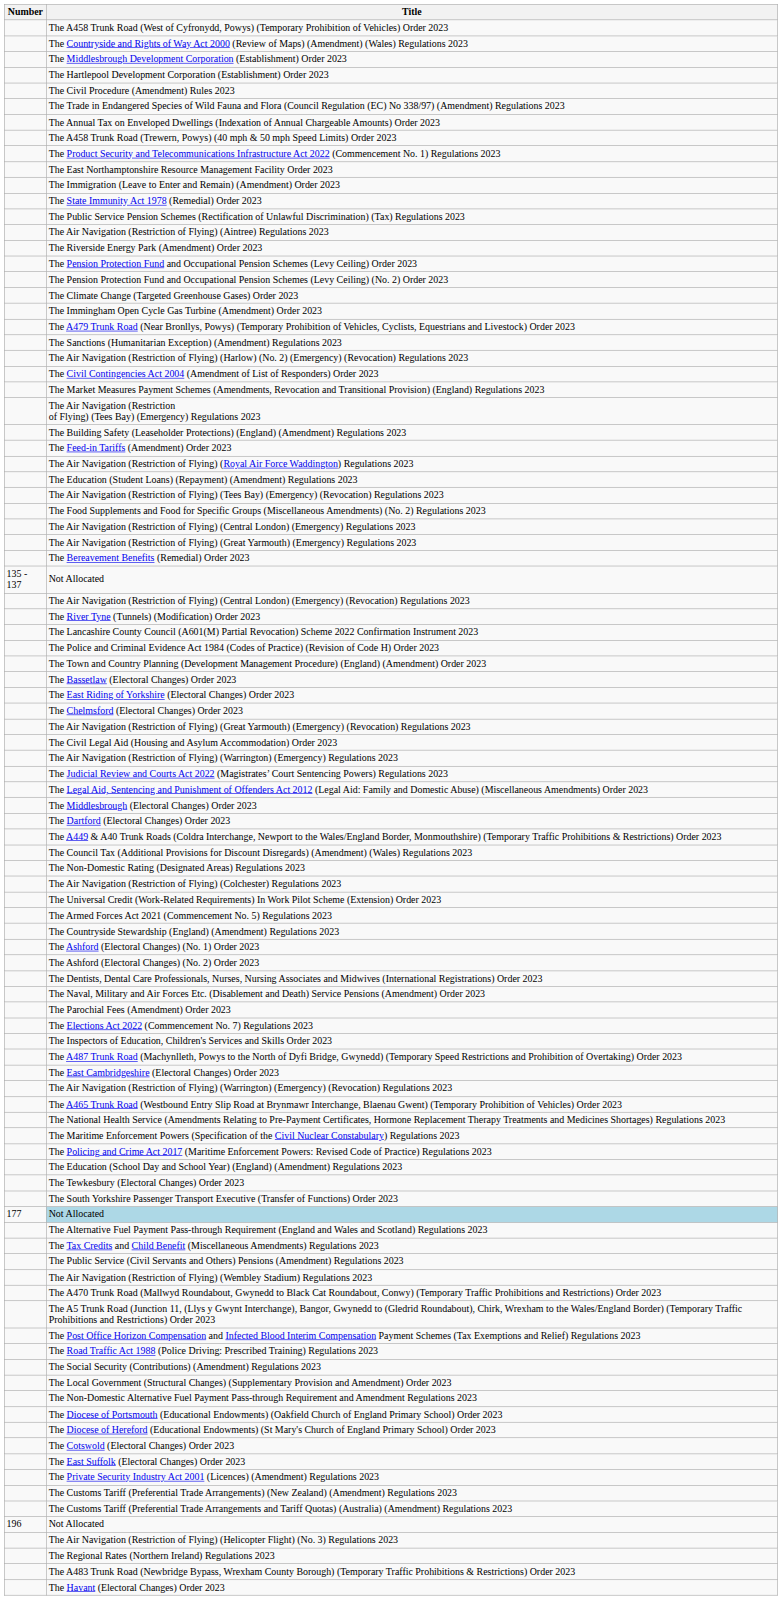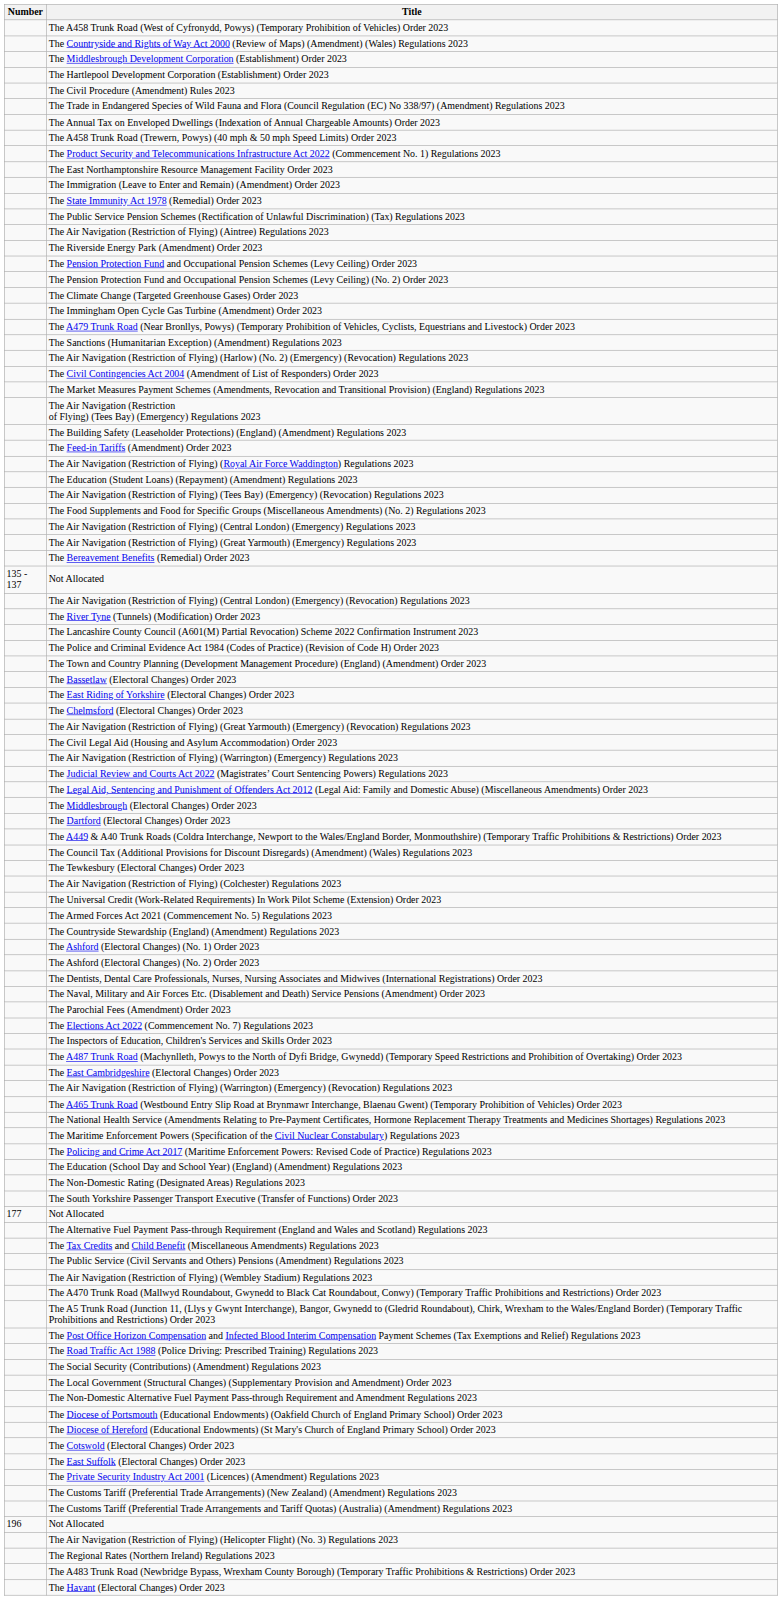 <table class="wikitable collapsible">
 <tr>
 <th>Number</th>
 <th>Title</th>
 </tr>
 <tr>
 <td></td>
 <td>The A458 Trunk Road (West of Cyfronydd, Powys) (Temporary Prohibition of Vehicles) Order 2023</td>
 </tr>
 <tr>
 <td></td>
 <td>The <a href='#'>Countryside and Rights of Way Act 2000</a> (Review of Maps) (Amendment) (Wales) Regulations 2023</td>
 </tr>
 <tr>
 <td></td>
 <td>The <a href='#'>Middlesbrough Development Corporation</a> (Establishment) Order 2023</td>
 </tr>
 <tr>
 <td></td>
 <td>The Hartlepool Development Corporation (Establishment) Order 2023</td>
 </tr>
 <tr>
 <td></td>
 <td>The Civil Procedure (Amendment) Rules 2023</td>
 </tr>
 <tr>
 <td></td>
 <td>The Trade in Endangered Species of Wild Fauna and Flora (Council Regulation (EC) No 338/97) (Amendment) Regulations 2023</td>
 </tr>
 <tr>
 <td></td>
 <td>The Annual Tax on Enveloped Dwellings (Indexation of Annual Chargeable Amounts) Order 2023</td>
 </tr>
 <tr>
 <td></td>
 <td>The A458 Trunk Road (Trewern, Powys) (40 mph & 50 mph Speed Limits) Order 2023</td>
 </tr>
 <tr>
 <td></td>
 <td>The <a href='#'>Product Security and Telecommunications Infrastructure Act 2022</a> (Commencement No. 1) Regulations 2023</td>
 </tr>
 <tr>
 <td></td>
 <td>The East Northamptonshire Resource Management Facility Order 2023</td>
 </tr>
 <tr>
 <td></td>
 <td>The Immigration (Leave to Enter and Remain) (Amendment) Order 2023</td>
 </tr>
 <tr>
 <td></td>
 <td>The <a href='#'>State Immunity Act 1978</a> (Remedial) Order 2023</td>
 </tr>
 <tr>
 <td></td>
 <td>The Public Service Pension Schemes (Rectification of Unlawful Discrimination) (Tax) Regulations 2023</td>
 </tr>
 <tr>
 <td></td>
 <td>The Air Navigation (Restriction of Flying) (Aintree) Regulations 2023</td>
 </tr>
 <tr>
 <td></td>
 <td>The Riverside Energy Park (Amendment) Order 2023</td>
 </tr>
 <tr>
 <td></td>
 <td>The <a href='#'>Pension Protection Fund</a> and Occupational Pension Schemes (Levy Ceiling) Order 2023</td>
 </tr>
 <tr>
 <td></td>
 <td>The Pension Protection Fund and Occupational Pension Schemes (Levy Ceiling) (No. 2) Order 2023</td>
 </tr>
 <tr>
 <td></td>
 <td>The Climate Change (Targeted Greenhouse Gases) Order 2023</td>
 </tr>
 <tr>
 <td></td>
 <td>The Immingham Open Cycle Gas Turbine (Amendment) Order 2023</td>
 </tr>
 <tr>
 <td></td>
 <td>The <a href='#'>A479 Trunk Road</a> (Near Bronllys, Powys) (Temporary Prohibition of Vehicles, Cyclists, Equestrians and Livestock) Order 2023</td>
 </tr>
 <tr>
 <td></td>
 <td>The Sanctions (Humanitarian Exception) (Amendment) Regulations 2023</td>
 </tr>
 <tr>
 <td></td>
 <td>The Air Navigation (Restriction of Flying) (Harlow) (No. 2) (Emergency) (Revocation) Regulations 2023</td>
 </tr>
 <tr>
 <td></td>
 <td>The <a href='#'>Civil Contingencies Act 2004</a> (Amendment of List of Responders) Order 2023</td>
 </tr>
 <tr>
 <td></td>
 <td>The Market Measures Payment Schemes (Amendments, Revocation and Transitional Provision) (England) Regulations 2023</td>
 </tr>
 <tr>
 <td></td>
 <td>The Air Navigation (Restriction<br>of Flying) (Tees Bay) (Emergency) Regulations 2023</td>
 </tr>
 <tr>
 <td></td>
 <td>The Building Safety (Leaseholder Protections) (England) (Amendment) Regulations 2023</td>
 </tr>
 <tr>
 <td></td>
 <td>The <a href='#'>Feed-in Tariffs</a> (Amendment) Order 2023</td>
 </tr>
 <tr>
 <td></td>
 <td>The Air Navigation (Restriction of Flying) (<a href='#'>Royal Air Force Waddington</a>) Regulations 2023</td>
 </tr>
 <tr>
 <td></td>
 <td>The Education (Student Loans) (Repayment) (Amendment) Regulations 2023</td>
 </tr>
 <tr>
 <td></td>
 <td>The Air Navigation (Restriction of Flying) (Tees Bay) (Emergency) (Revocation) Regulations 2023</td>
 </tr>
 <tr>
 <td></td>
 <td>The Food Supplements and Food for Specific Groups (Miscellaneous Amendments) (No. 2) Regulations 2023</td>
 </tr>
 <tr>
 <td></td>
 <td>The Air Navigation (Restriction of Flying) (Central London) (Emergency) Regulations 2023</td>
 </tr>
 <tr>
 <td></td>
 <td>The Air Navigation (Restriction of Flying) (Great Yarmouth) (Emergency) Regulations 2023</td>
 </tr>
 <tr>
 <td></td>
 <td>The <a href='#'>Bereavement Benefits</a> (Remedial) Order 2023</td>
 </tr>
 <tr>
 <td>135 - 137</td>
 <td>Not Allocated</td>
 </tr>
 <tr>
 <td></td>
 <td>The Air Navigation (Restriction of Flying) (Central London) (Emergency) (Revocation) Regulations 2023</td>
 </tr>
 <tr>
 <td></td>
 <td>The <a href='#'>River Tyne</a> (Tunnels) (Modification) Order 2023</td>
 </tr>
 <tr>
 <td></td>
 <td>The Lancashire County Council (A601(M) Partial Revocation) Scheme 2022 Confirmation Instrument 2023</td>
 </tr>
 <tr>
 <td></td>
 <td>The Police and Criminal Evidence Act 1984 (Codes of Practice) (Revision of Code H) Order 2023</td>
 </tr>
 <tr>
 <td></td>
 <td>The Town and Country Planning (Development Management Procedure) (England) (Amendment) Order 2023</td>
 </tr>
 <tr>
 <td></td>
 <td>The <a href='#'>Bassetlaw</a> (Electoral Changes) Order 2023</td>
 </tr>
 <tr>
 <td></td>
 <td>The <a href='#'>East Riding of Yorkshire</a> (Electoral Changes) Order 2023</td>
 </tr>
 <tr>
 <td></td>
 <td>The <a href='#'>Chelmsford</a> (Electoral Changes) Order 2023</td>
 </tr>
 <tr>
 <td></td>
 <td>The Air Navigation (Restriction of Flying) (Great Yarmouth) (Emergency) (Revocation) Regulations 2023</td>
 </tr>
 <tr>
 <td></td>
 <td>The Civil Legal Aid (Housing and Asylum Accommodation) Order 2023</td>
 </tr>
 <tr>
 <td></td>
 <td>The Air Navigation (Restriction of Flying) (Warrington) (Emergency) Regulations 2023</td>
 </tr>
 <tr>
 <td></td>
 <td>The <a href='#'>Judicial Review and Courts Act 2022</a> (Magistrates’ Court Sentencing Powers) Regulations 2023</td>
 </tr>
 <tr>
 <td></td>
 <td>The <a href='#'>Legal Aid, Sentencing and Punishment of Offenders Act 2012</a> (Legal Aid: Family and Domestic Abuse) (Miscellaneous Amendments) Order 2023</td>
 </tr>
 <tr>
 <td></td>
 <td>The <a href='#'>Middlesbrough</a> (Electoral Changes) Order 2023</td>
 </tr>
 <tr>
 <td></td>
 <td>The <a href='#'>Dartford</a> (Electoral Changes) Order 2023</td>
 </tr>
 <tr>
 <td></td>
 <td>The <a href='#'>A449</a> & A40 Trunk Roads (Coldra Interchange, Newport to the Wales/England Border, Monmouthshire) (Temporary Traffic Prohibitions & Restrictions) Order 2023</td>
 </tr>
 <tr>
 <td></td>
 <td>The Council Tax (Additional Provisions for Discount Disregards) (Amendment) (Wales) Regulations 2023</td>
 </tr>
 <tr>
 <td></td>
-<td>The Non-Domestic Rating (Designated Areas) Regulations 2023</td>
+<td>The Tewkesbury (Electoral Changes) Order 2023</td>
 </tr>
 <tr>
 <td></td>
 <td>The Air Navigation (Restriction of Flying) (Colchester) Regulations 2023</td>
 </tr>
 <tr>
 <td></td>
 <td>The Universal Credit (Work-Related Requirements) In Work Pilot Scheme (Extension) Order 2023</td>
 </tr>
 <tr>
 <td></td>
 <td>The Armed Forces Act 2021 (Commencement No. 5) Regulations 2023</td>
 </tr>
 <tr>
 <td></td>
 <td>The Countryside Stewardship (England) (Amendment) Regulations 2023</td>
 </tr>
 <tr>
 <td></td>
 <td>The <a href='#'>Ashford</a> (Electoral Changes) (No. 1) Order 2023</td>
 </tr>
 <tr>
 <td></td>
 <td>The Ashford (Electoral Changes) (No. 2) Order 2023</td>
 </tr>
 <tr>
 <td></td>
 <td>The Dentists, Dental Care Professionals, Nurses, Nursing Associates and Midwives (International Registrations) Order 2023</td>
 </tr>
 <tr>
 <td></td>
 <td>The Naval, Military and Air Forces Etc. (Disablement and Death) Service Pensions (Amendment) Order 2023</td>
 </tr>
 <tr>
 <td></td>
 <td>The Parochial Fees (Amendment) Order 2023</td>
 </tr>
 <tr>
 <td></td>
 <td>The <a href='#'>Elections Act 2022</a> (Commencement No. 7) Regulations 2023</td>
 </tr>
 <tr>
 <td></td>
 <td>The Inspectors of Education, Children's Services and Skills Order 2023</td>
 </tr>
 <tr>
 <td></td>
 <td>The <a href='#'>A487 Trunk Road</a> (Machynlleth, Powys to the North of Dyfi Bridge, Gwynedd) (Temporary Speed Restrictions and Prohibition of Overtaking) Order 2023</td>
 </tr>
 <tr>
 <td></td>
 <td>The <a href='#'>East Cambridgeshire</a> (Electoral Changes) Order 2023</td>
 </tr>
 <tr>
 <td></td>
 <td>The Air Navigation (Restriction of Flying) (Warrington) (Emergency) (Revocation) Regulations 2023</td>
 </tr>
 <tr>
 <td></td>
 <td>The <a href='#'>A465 Trunk Road</a> (Westbound Entry Slip Road at Brynmawr Interchange, Blaenau Gwent) (Temporary Prohibition of Vehicles) Order 2023</td>
 </tr>
 <tr>
 <td></td>
 <td>The National Health Service (Amendments Relating to Pre-Payment Certificates, Hormone Replacement Therapy Treatments and Medicines Shortages) Regulations 2023</td>
 </tr>
 <tr>
 <td></td>
 <td>The Maritime Enforcement Powers (Specification of the <a href='#'>Civil Nuclear Constabulary</a>) Regulations 2023</td>
 </tr>
 <tr>
 <td></td>
 <td>The <a href='#'>Policing and Crime Act 2017</a> (Maritime Enforcement Powers: Revised Code of Practice) Regulations 2023</td>
 </tr>
 <tr>
 <td></td>
 <td>The Education (School Day and School Year) (England) (Amendment) Regulations 2023</td>
 </tr>
 <tr>
 <td></td>
-<td>The Tewkesbury (Electoral Changes) Order 2023</td>
+<td>The Non-Domestic Rating (Designated Areas) Regulations 2023</td>
 </tr>
 <tr>
 <td></td>
 <td>The South Yorkshire Passenger Transport Executive (Transfer of Functions) Order 2023</td>
 </tr>
 <tr>
 <td>177</td>
-<td style="background: lightblue;">Not Allocated</td>
+<td>Not Allocated</td>
 </tr>
 <tr>
 <td></td>
 <td>The Alternative Fuel Payment Pass-through Requirement (England and Wales and Scotland) Regulations 2023</td>
 </tr>
 <tr>
 <td></td>
 <td>The <a href='#'>Tax Credits</a> and <a href='#'>Child Benefit</a> (Miscellaneous Amendments) Regulations 2023</td>
 </tr>
 <tr>
 <td></td>
 <td>The Public Service (Civil Servants and Others) Pensions (Amendment) Regulations 2023</td>
 </tr>
 <tr>
 <td></td>
 <td>The Air Navigation (Restriction of Flying) (Wembley Stadium) Regulations 2023</td>
 </tr>
 <tr>
 <td></td>
 <td>The A470 Trunk Road (Mallwyd Roundabout, Gwynedd to Black Cat Roundabout, Conwy) (Temporary Traffic Prohibitions and Restrictions) Order 2023</td>
 </tr>
 <tr>
 <td></td>
 <td>The A5 Trunk Road (Junction 11, (Llys y Gwynt Interchange), Bangor, Gwynedd to (Gledrid Roundabout), Chirk, Wrexham to the Wales/England Border) (Temporary Traffic Prohibitions and Restrictions) Order 2023</td>
 </tr>
 <tr>
 <td></td>
 <td>The <a href='#'>Post Office Horizon Compensation</a> and <a href='#'>Infected Blood Interim Compensation</a> Payment Schemes (Tax Exemptions and Relief) Regulations 2023</td>
 </tr>
 <tr>
 <td></td>
 <td>The <a href='#'>Road Traffic Act 1988</a> (Police Driving: Prescribed Training) Regulations 2023</td>
 </tr>
 <tr>
 <td></td>
 <td>The Social Security (Contributions) (Amendment) Regulations 2023</td>
 </tr>
 <tr>
 <td></td>
 <td>The Local Government (Structural Changes) (Supplementary Provision and Amendment) Order 2023</td>
 </tr>
 <tr>
 <td></td>
 <td>The Non-Domestic Alternative Fuel Payment Pass-through Requirement and Amendment Regulations 2023</td>
 </tr>
 <tr>
 <td></td>
 <td>The <a href='#'>Diocese of Portsmouth</a> (Educational Endowments) (Oakfield Church of England Primary School) Order 2023</td>
 </tr>
 <tr>
 <td></td>
 <td>The <a href='#'>Diocese of Hereford</a> (Educational Endowments) (St Mary's Church of England Primary School) Order 2023</td>
 </tr>
 <tr>
 <td></td>
 <td>The <a href='#'>Cotswold</a> (Electoral Changes) Order 2023</td>
 </tr>
 <tr>
 <td></td>
 <td>The <a href='#'>East Suffolk</a> (Electoral Changes) Order 2023</td>
 </tr>
 <tr>
 <td></td>
 <td>The <a href='#'>Private Security Industry Act 2001</a> (Licences) (Amendment) Regulations 2023</td>
 </tr>
 <tr>
 <td></td>
 <td>The Customs Tariff (Preferential Trade Arrangements) (New Zealand) (Amendment) Regulations 2023</td>
 </tr>
 <tr>
 <td></td>
 <td>The Customs Tariff (Preferential Trade Arrangements and Tariff Quotas) (Australia) (Amendment) Regulations 2023</td>
 </tr>
 <tr>
 <td>196</td>
 <td>Not Allocated</td>
 </tr>
 <tr>
 <td></td>
 <td>The Air Navigation (Restriction of Flying) (Helicopter Flight) (No. 3) Regulations 2023</td>
 </tr>
 <tr>
 <td></td>
 <td>The Regional Rates (Northern Ireland) Regulations 2023</td>
 </tr>
 <tr>
 <td></td>
 <td>The A483 Trunk Road (Newbridge Bypass, Wrexham County Borough) (Temporary Traffic Prohibitions & Restrictions) Order 2023</td>
 </tr>
 <tr>
 <td></td>
 <td>The <a href='#'>Havant</a> (Electoral Changes) Order 2023</td>
 </tr>
 </table>
